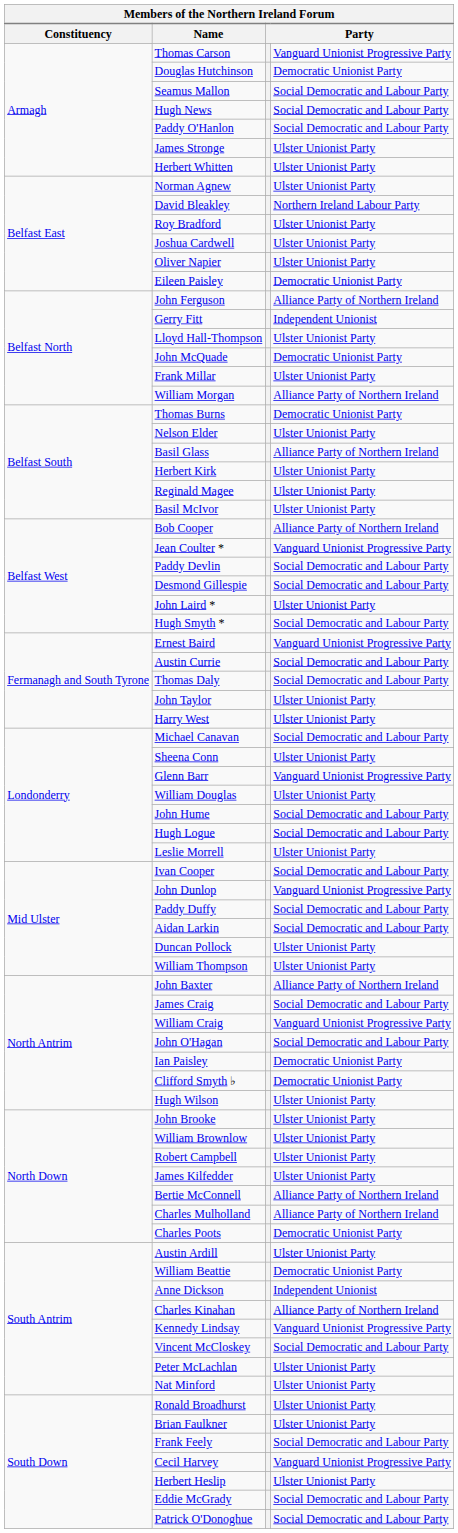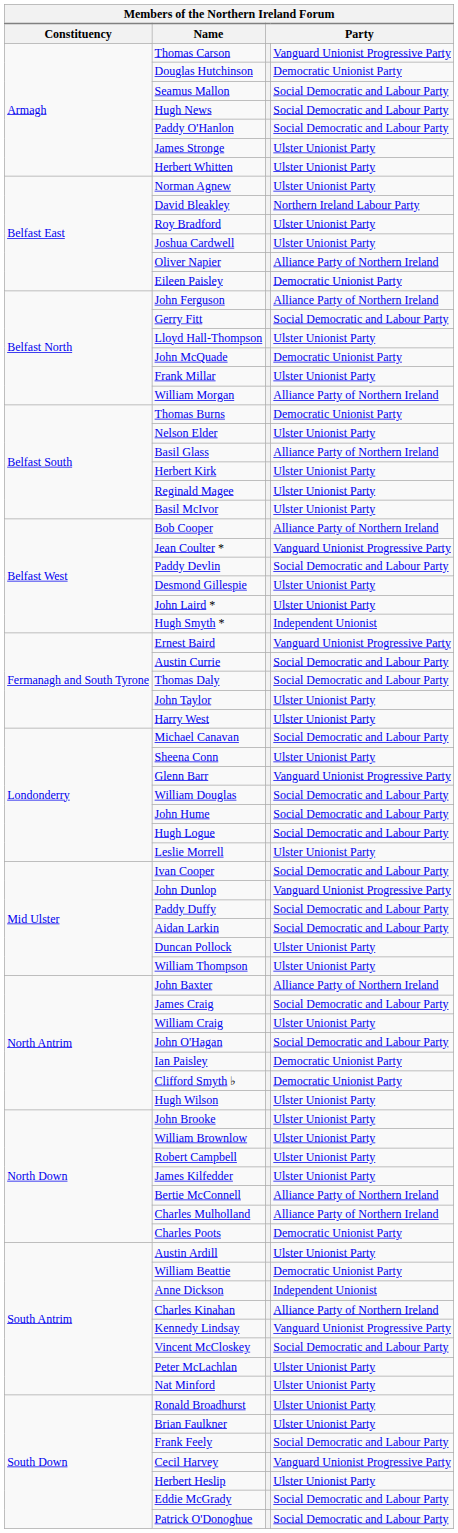 <table class="wikitable">
 <tr style="border-bottom: 2px solid gray;">
 <th colspan=4>Members of the Northern Ireland Forum</th>
 </tr>
 <tr>
 <th align=center>Constituency</th>
 <th align=center>Name</th>
 <th style="text-align:center;" colspan="2">Party</th>
 </tr>
 <tr>
 <td rowspan="7"><a href='#'>Armagh</a></td>
 <td><a href='#'>Thomas Carson</a></td>
 <th style="background-color: "></th>
 <td><a href='#'>Vanguard Unionist Progressive Party</a></td>
 </tr>
 <tr>
 <td><a href='#'>Douglas Hutchinson</a></td>
 <th style="background-color: "></th>
 <td><a href='#'>Democratic Unionist Party</a></td>
 </tr>
 <tr>
 <td><a href='#'>Seamus Mallon</a></td>
 <th style="background-color: "></th>
 <td><a href='#'>Social Democratic and Labour Party</a></td>
 </tr>
 <tr>
 <td><a href='#'>Hugh News</a></td>
 <th style="background-color: "></th>
 <td><a href='#'>Social Democratic and Labour Party</a></td>
 </tr>
 <tr>
 <td><a href='#'>Paddy O'Hanlon</a></td>
 <th style="background-color: "></th>
 <td><a href='#'>Social Democratic and Labour Party</a></td>
 </tr>
 <tr>
 <td><a href='#'>James Stronge</a></td>
 <th style="background-color: "></th>
 <td><a href='#'>Ulster Unionist Party</a></td>
 </tr>
 <tr>
 <td><a href='#'>Herbert Whitten</a></td>
 <th style="background-color: "></th>
 <td><a href='#'>Ulster Unionist Party</a></td>
 </tr>
 <tr>
 <td rowspan="6"><a href='#'>Belfast East</a></td>
 <td><a href='#'>Norman Agnew</a></td>
 <th style="background-color: "></th>
 <td><a href='#'>Ulster Unionist Party</a></td>
 </tr>
 <tr>
 <td><a href='#'>David Bleakley</a></td>
 <th style="background-color: "></th>
 <td><a href='#'>Northern Ireland Labour Party</a></td>
 </tr>
 <tr>
 <td><a href='#'>Roy Bradford</a></td>
 <th style="background-color: "></th>
 <td><a href='#'>Ulster Unionist Party</a></td>
 </tr>
 <tr>
 <td><a href='#'>Joshua Cardwell</a></td>
 <th style="background-color: "></th>
 <td><a href='#'>Ulster Unionist Party</a></td>
 </tr>
 <tr>
 <td><a href='#'>Oliver Napier</a></td>
 <th style="background-color: "></th>
-<td><a href='#'>Ulster Unionist Party</a></td>
+<td><a href='#'>Alliance Party of Northern Ireland</a></td>
 </tr>
 <tr>
 <td><a href='#'>Eileen Paisley</a></td>
 <th style="background-color: "></th>
 <td><a href='#'>Democratic Unionist Party</a></td>
 </tr>
 <tr>
 <td rowspan="6"><a href='#'>Belfast North</a></td>
 <td><a href='#'>John Ferguson</a></td>
 <th style="background-color: "></th>
 <td><a href='#'>Alliance Party of Northern Ireland</a></td>
 </tr>
 <tr>
 <td><a href='#'>Gerry Fitt</a></td>
 <th style="background-color: "></th>
-<td><a href='#'>Independent Unionist</a></td>
+<td><a href='#'>Social Democratic and Labour Party</a></td>
 </tr>
 <tr>
 <td><a href='#'>Lloyd Hall-Thompson</a></td>
 <th style="background-color: "></th>
 <td><a href='#'>Ulster Unionist Party</a></td>
 </tr>
 <tr>
 <td><a href='#'>John McQuade</a></td>
 <th style="background-color: "></th>
 <td><a href='#'>Democratic Unionist Party</a></td>
 </tr>
 <tr>
 <td><a href='#'>Frank Millar</a></td>
 <th style="background-color: "></th>
 <td><a href='#'>Ulster Unionist Party</a></td>
 </tr>
 <tr>
 <td><a href='#'>William Morgan</a></td>
 <th style="background-color: "></th>
 <td><a href='#'>Alliance Party of Northern Ireland</a></td>
 </tr>
 <tr>
 <td rowspan="6"><a href='#'>Belfast South</a></td>
 <td><a href='#'>Thomas Burns</a></td>
 <th style="background-color: "></th>
 <td><a href='#'>Democratic Unionist Party</a></td>
 </tr>
 <tr>
 <td><a href='#'>Nelson Elder</a></td>
 <th style="background-color: "></th>
 <td><a href='#'>Ulster Unionist Party</a></td>
 </tr>
 <tr>
 <td><a href='#'>Basil Glass</a></td>
 <th style="background-color: "></th>
 <td><a href='#'>Alliance Party of Northern Ireland</a></td>
 </tr>
 <tr>
 <td><a href='#'>Herbert Kirk</a></td>
 <th style="background-color: "></th>
 <td><a href='#'>Ulster Unionist Party</a></td>
 </tr>
 <tr>
 <td><a href='#'>Reginald Magee</a></td>
 <th style="background-color: "></th>
 <td><a href='#'>Ulster Unionist Party</a></td>
 </tr>
 <tr>
 <td><a href='#'>Basil McIvor</a></td>
 <th style="background-color: "></th>
 <td><a href='#'>Ulster Unionist Party</a></td>
 </tr>
 <tr>
 <td rowspan="6"><a href='#'>Belfast West</a></td>
 <td><a href='#'>Bob Cooper</a></td>
 <th style="background-color: "></th>
 <td><a href='#'>Alliance Party of Northern Ireland</a></td>
 </tr>
 <tr>
 <td><a href='#'>Jean Coulter</a> *</td>
 <th style="background-color: "></th>
 <td><a href='#'>Vanguard Unionist Progressive Party</a></td>
 </tr>
 <tr>
 <td><a href='#'>Paddy Devlin</a></td>
 <th style="background-color: "></th>
 <td><a href='#'>Social Democratic and Labour Party</a></td>
 </tr>
 <tr>
 <td><a href='#'>Desmond Gillespie</a></td>
 <th style="background-color: "></th>
-<td><a href='#'>Social Democratic and Labour Party</a></td>
+<td><a href='#'>Ulster Unionist Party</a></td>
 </tr>
 <tr>
 <td><a href='#'>John Laird</a> *</td>
 <th style="background-color: "></th>
 <td><a href='#'>Ulster Unionist Party</a></td>
 </tr>
 <tr>
 <td><a href='#'>Hugh Smyth</a> *</td>
 <th style="background-color: "></th>
-<td><a href='#'>Social Democratic and Labour Party</a></td>
+<td><a href='#'>Independent Unionist</a></td>
 </tr>
 <tr>
 <td rowspan="5"><a href='#'>Fermanagh and South Tyrone</a></td>
 <td><a href='#'>Ernest Baird</a></td>
 <th style="background-color: "></th>
 <td><a href='#'>Vanguard Unionist Progressive Party</a></td>
 </tr>
 <tr>
 <td><a href='#'>Austin Currie</a></td>
 <th style="background-color: "></th>
 <td><a href='#'>Social Democratic and Labour Party</a></td>
 </tr>
 <tr>
 <td><a href='#'>Thomas Daly</a></td>
 <th style="background-color: "></th>
 <td><a href='#'>Social Democratic and Labour Party</a></td>
 </tr>
 <tr>
 <td><a href='#'>John Taylor</a></td>
 <th style="background-color: "></th>
 <td><a href='#'>Ulster Unionist Party</a></td>
 </tr>
 <tr>
 <td><a href='#'>Harry West</a></td>
 <th style="background-color: "></th>
 <td><a href='#'>Ulster Unionist Party</a></td>
 </tr>
 <tr>
 <td rowspan="7"><a href='#'>Londonderry</a></td>
 <td><a href='#'>Michael Canavan</a></td>
 <th style="background-color: "></th>
 <td><a href='#'>Social Democratic and Labour Party</a></td>
 </tr>
 <tr>
 <td><a href='#'>Sheena Conn</a></td>
 <th style="background-color: "></th>
 <td><a href='#'>Ulster Unionist Party</a></td>
 </tr>
 <tr>
 <td><a href='#'>Glenn Barr</a></td>
 <th style="background-color: "></th>
 <td><a href='#'>Vanguard Unionist Progressive Party</a></td>
 </tr>
 <tr>
 <td><a href='#'>William Douglas</a></td>
 <th style="background-color: "></th>
-<td><a href='#'>Ulster Unionist Party</a></td>
+<td><a href='#'>Social Democratic and Labour Party</a></td>
 </tr>
 <tr>
 <td><a href='#'>John Hume</a></td>
 <th style="background-color: "></th>
 <td><a href='#'>Social Democratic and Labour Party</a></td>
 </tr>
 <tr>
 <td><a href='#'>Hugh Logue</a></td>
 <th style="background-color: "></th>
 <td><a href='#'>Social Democratic and Labour Party</a></td>
 </tr>
 <tr>
 <td><a href='#'>Leslie Morrell</a></td>
 <th style="background-color: "></th>
 <td><a href='#'>Ulster Unionist Party</a></td>
 </tr>
 <tr>
 <td rowspan="6"><a href='#'>Mid Ulster</a></td>
 <td><a href='#'>Ivan Cooper</a></td>
 <th style="background-color: "></th>
 <td><a href='#'>Social Democratic and Labour Party</a></td>
 </tr>
 <tr>
 <td><a href='#'>John Dunlop</a></td>
 <th style="background-color: "></th>
 <td><a href='#'>Vanguard Unionist Progressive Party</a></td>
 </tr>
 <tr>
 <td><a href='#'>Paddy Duffy</a></td>
 <th style="background-color: "></th>
 <td><a href='#'>Social Democratic and Labour Party</a></td>
 </tr>
 <tr>
 <td><a href='#'>Aidan Larkin</a></td>
 <th style="background-color: "></th>
 <td><a href='#'>Social Democratic and Labour Party</a></td>
 </tr>
 <tr>
 <td><a href='#'>Duncan Pollock</a></td>
 <th style="background-color: "></th>
 <td><a href='#'>Ulster Unionist Party</a></td>
 </tr>
 <tr>
 <td><a href='#'>William Thompson</a></td>
 <th style="background-color: "></th>
 <td><a href='#'>Ulster Unionist Party</a></td>
 </tr>
 <tr>
 <td rowspan="7"><a href='#'>North Antrim</a></td>
 <td><a href='#'>John Baxter</a></td>
 <th style="background-color: "></th>
 <td><a href='#'>Alliance Party of Northern Ireland</a></td>
 </tr>
 <tr>
 <td><a href='#'>James Craig</a></td>
 <th style="background-color: "></th>
 <td><a href='#'>Social Democratic and Labour Party</a></td>
 </tr>
 <tr>
 <td><a href='#'>William Craig</a></td>
 <th style="background-color: "></th>
-<td><a href='#'>Vanguard Unionist Progressive Party</a></td>
+<td><a href='#'>Ulster Unionist Party</a></td>
 </tr>
 <tr>
 <td><a href='#'>John O'Hagan</a></td>
 <th style="background-color: "></th>
 <td><a href='#'>Social Democratic and Labour Party</a></td>
 </tr>
 <tr>
 <td><a href='#'>Ian Paisley</a></td>
 <th style="background-color: "></th>
 <td><a href='#'>Democratic Unionist Party</a></td>
 </tr>
 <tr>
 <td><a href='#'>Clifford Smyth</a> ♭</td>
 <th style="background-color: "></th>
 <td><a href='#'>Democratic Unionist Party</a></td>
 </tr>
 <tr>
 <td><a href='#'>Hugh Wilson</a></td>
 <th style="background-color: "></th>
 <td><a href='#'>Ulster Unionist Party</a></td>
 </tr>
 <tr>
 <td rowspan="7"><a href='#'>North Down</a></td>
 <td><a href='#'>John Brooke</a></td>
 <th style="background-color: "></th>
 <td><a href='#'>Ulster Unionist Party</a></td>
 </tr>
 <tr>
 <td><a href='#'>William Brownlow</a></td>
 <th style="background-color: "></th>
 <td><a href='#'>Ulster Unionist Party</a></td>
 </tr>
 <tr>
 <td><a href='#'>Robert Campbell</a></td>
 <th style="background-color: "></th>
 <td><a href='#'>Ulster Unionist Party</a></td>
 </tr>
 <tr>
 <td><a href='#'>James Kilfedder</a></td>
 <th style="background-color: "></th>
 <td><a href='#'>Ulster Unionist Party</a></td>
 </tr>
 <tr>
 <td><a href='#'>Bertie McConnell</a></td>
 <th style="background-color: "></th>
 <td><a href='#'>Alliance Party of Northern Ireland</a></td>
 </tr>
 <tr>
 <td><a href='#'>Charles Mulholland</a></td>
 <th style="background-color: "></th>
 <td><a href='#'>Alliance Party of Northern Ireland</a></td>
 </tr>
 <tr>
 <td><a href='#'>Charles Poots</a></td>
 <th style="background-color: "></th>
 <td><a href='#'>Democratic Unionist Party</a></td>
 </tr>
 <tr>
 <td rowspan="8"><a href='#'>South Antrim</a></td>
 <td><a href='#'>Austin Ardill</a></td>
 <th style="background-color: "></th>
 <td><a href='#'>Ulster Unionist Party</a></td>
 </tr>
 <tr>
 <td><a href='#'>William Beattie</a></td>
 <th style="background-color: "></th>
 <td><a href='#'>Democratic Unionist Party</a></td>
 </tr>
 <tr>
 <td><a href='#'>Anne Dickson</a></td>
 <th style="background-color: "></th>
 <td><a href='#'>Independent Unionist</a></td>
 </tr>
 <tr>
 <td><a href='#'>Charles Kinahan</a></td>
 <th style="background-color: "></th>
 <td><a href='#'>Alliance Party of Northern Ireland</a></td>
 </tr>
 <tr>
 <td><a href='#'>Kennedy Lindsay</a></td>
 <th style="background-color: "></th>
 <td><a href='#'>Vanguard Unionist Progressive Party</a></td>
 </tr>
 <tr>
 <td><a href='#'>Vincent McCloskey</a></td>
 <th style="background-color: "></th>
 <td><a href='#'>Social Democratic and Labour Party</a></td>
 </tr>
 <tr>
 <td><a href='#'>Peter McLachlan</a></td>
 <th style="background-color: "></th>
 <td><a href='#'>Ulster Unionist Party</a></td>
 </tr>
 <tr>
 <td><a href='#'>Nat Minford</a></td>
 <th style="background-color: "></th>
 <td><a href='#'>Ulster Unionist Party</a></td>
 </tr>
 <tr>
 <td rowspan="7"><a href='#'>South Down</a></td>
 <td><a href='#'>Ronald Broadhurst</a></td>
 <th style="background-color: "></th>
 <td><a href='#'>Ulster Unionist Party</a></td>
 </tr>
 <tr>
 <td><a href='#'>Brian Faulkner</a></td>
 <th style="background-color: "></th>
 <td><a href='#'>Ulster Unionist Party</a></td>
 </tr>
 <tr>
 <td><a href='#'>Frank Feely</a></td>
 <th style="background-color: "></th>
 <td><a href='#'>Social Democratic and Labour Party</a></td>
 </tr>
 <tr>
 <td><a href='#'>Cecil Harvey</a></td>
 <th style="background-color: "></th>
 <td><a href='#'>Vanguard Unionist Progressive Party</a></td>
 </tr>
 <tr>
 <td><a href='#'>Herbert Heslip</a></td>
 <th style="background-color: "></th>
 <td><a href='#'>Ulster Unionist Party</a></td>
 </tr>
 <tr>
 <td><a href='#'>Eddie McGrady</a></td>
 <th style="background-color: "></th>
 <td><a href='#'>Social Democratic and Labour Party</a></td>
 </tr>
 <tr>
 <td><a href='#'>Patrick O'Donoghue</a></td>
 <th style="background-color: "></th>
 <td><a href='#'>Social Democratic and Labour Party</a></td>
 </tr>
 </table>
